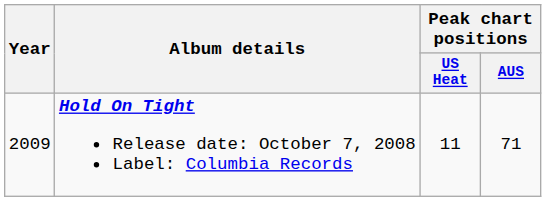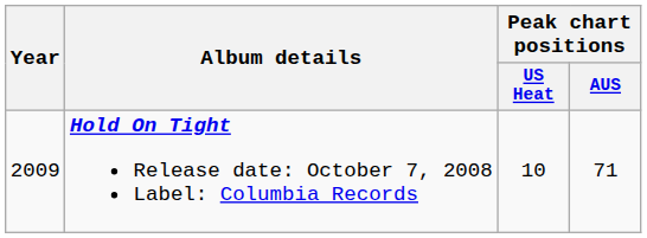 <table class="wikitable" style="text-align:center;">
 <tr>
 <th rowspan="2">Year</th>
 <th rowspan="2">Album details</th>
 <th colspan="2">Peak chart<br>positions</th>
 </tr>
 <tr style="font-size:smaller;">
 <th style="width:40px;"><a href='#'>US<br>Heat</a><br></th>
 <th style="width:40px;"><a href='#'>AUS</a><br></th>
 </tr>
 <tr>
 <td>2009</td>
 <td style="text-align:left;"><strong><em><a href='#'>Hold On Tight</a></em></strong><br><ul><li>Release date: October 7, 2008</li><li>Label: <a href='#'>Columbia Records</a></li></ul></td>
-<td>11</td>
+<td>10</td>
 <td>71</td>
 </tr>
 </table>
